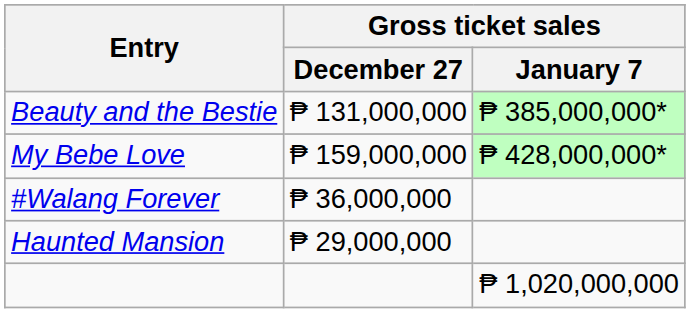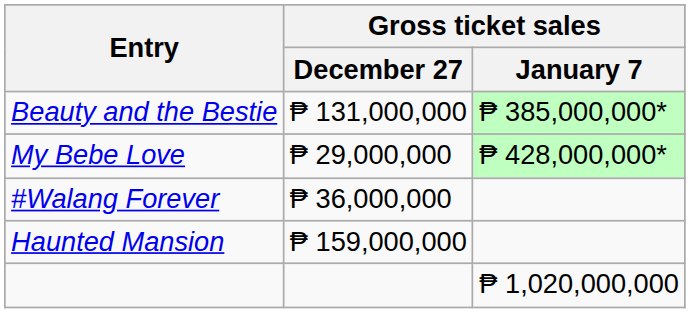 <table class="wikitable sortable" style="text align: center">
 <tr bgcolor="#efefef">
 <th rowspan=2>Entry</th>
 <th colspan=6>Gross ticket sales</th>
 </tr>
 <tr>
 <th>December 27</th>
 <th>January 7</th>
 </tr>
 <tr>
 <td><em><a href='#'>Beauty and the Bestie</a></em></td>
 <td data-sort-value="2">₱ 131,000,000</td>
 <td data-sort-value="2" style="background:#BFFFC0;">₱ 385,000,000*</td>
 </tr>
 <tr>
 <td><em><a href='#'>My Bebe Love</a></em></td>
-<td data-sort-value="1">₱ 159,000,000</td>
+<td data-sort-value="4">₱ 29,000,000</td>
 <td data-sort-value="1" style="background:#BFFFC0;">₱ 428,000,000*</td>
 </tr>
 <tr>
 <td><em><a href='#'>#Walang Forever</a></em></td>
 <td data-sort-value="3">₱ 36,000,000</td>
 <td data-sort-value="3"></td>
 </tr>
 <tr>
 <td><em><a href='#'>Haunted Mansion</a></em></td>
-<td data-sort-value="4">₱ 29,000,000</td>
+<td data-sort-value="1">₱ 159,000,000</td>
 <td data-sort-value="4"></td>
 </tr>
 <tr>
 <td></td>
 <td><strong></strong></td>
 <td>₱ 1,020,000,000</td>
 </tr>
 </table>
